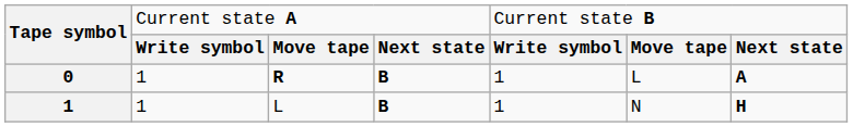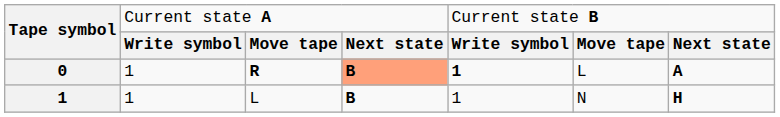 <table class="wikitable">
 <tr style="font-size:9pt">
 <th rowspan=2>Tape symbol</th>
 <td colspan="3">Current state <strong>A</strong></td>
 <td colspan="3">Current state <strong>B</strong></td>
 </tr>
 <tr style="font-size:9pt">
 <th>Write symbol</th>
 <th>Move tape</th>
 <th>Next state</th>
 <th>Write symbol</th>
 <th>Move tape</th>
 <th>Next state</th>
 </tr>
 <tr style="font-size:9pt">
 <th>0</th>
 <td>1</td>
 <td><strong>R</strong></td>
-<td style="font-weight:bold"><strong>B</strong></td>
-<td>1</td>
+<td style="background: lightsalmon; font-weight:bold"><strong>B</strong></td>
+<td><strong>1</strong></td>
 <td>L</td>
 <td><strong>A</strong></td>
 </tr>
 <tr style="font-size:9pt">
 <th>1</th>
 <td>1</td>
 <td>L</td>
 <td style="font-weight:bold"><strong>B</strong></td>
 <td>1</td>
 <td>N</td>
 <td><strong>H</strong></td>
 </tr>
 </table>
